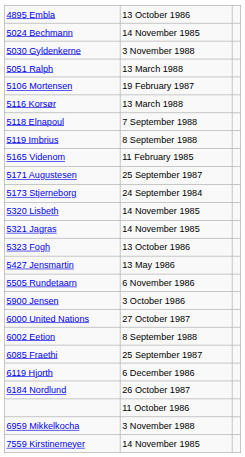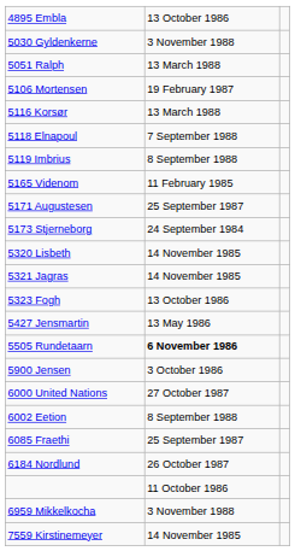 <table class="wikitable" style="font-size: 89%; float: left; width: 26em; margin-right: 1em; height: 700px;">
 <tr>
 <td><a href='#'>4895 Embla</a></td>
 <td>13 October 1986</td>
-<td></td>
-</tr>
-<tr>
-<td><a href='#'>5024 Bechmann</a></td>
-<td>14 November 1985</td>
 <td></td>
 </tr>
 <tr>
 <td><a href='#'>5030 Gyldenkerne</a></td>
 <td>3 November 1988</td>
 <td></td>
 </tr>
 <tr>
 <td><a href='#'>5051 Ralph</a></td>
 <td>13 March 1988</td>
 <td></td>
 </tr>
 <tr>
 <td><a href='#'>5106 Mortensen</a></td>
 <td>19 February 1987</td>
 <td></td>
 </tr>
 <tr>
 <td><a href='#'>5116 Korsør</a></td>
 <td>13 March 1988</td>
 <td></td>
 </tr>
 <tr>
 <td><a href='#'>5118 Elnapoul</a></td>
 <td>7 September 1988</td>
 <td></td>
 </tr>
 <tr>
 <td><a href='#'>5119 Imbrius</a></td>
 <td>8 September 1988</td>
 <td></td>
 </tr>
 <tr>
 <td><a href='#'>5165 Videnom</a></td>
 <td>11 February 1985</td>
 <td></td>
 </tr>
 <tr>
 <td><a href='#'>5171 Augustesen</a></td>
 <td>25 September 1987</td>
 <td></td>
 </tr>
 <tr>
 <td><a href='#'>5173 Stjerneborg</a></td>
 <td>24 September 1984</td>
 <td></td>
 </tr>
 <tr>
 <td><a href='#'>5320 Lisbeth</a></td>
 <td>14 November 1985</td>
 <td> </td>
 </tr>
 <tr>
 <td><a href='#'>5321 Jagras</a></td>
 <td>14 November 1985</td>
 <td> </td>
 </tr>
 <tr>
 <td><a href='#'>5323 Fogh</a></td>
 <td>13 October 1986</td>
 <td></td>
 </tr>
 <tr>
 <td><a href='#'>5427 Jensmartin</a></td>
 <td>13 May 1986</td>
 <td></td>
 </tr>
 <tr>
 <td><a href='#'>5505 Rundetaarn</a></td>
-<td>6 November 1986</td>
+<td><strong>6 November 1986</strong></td>
 <td></td>
 </tr>
 <tr>
 <td><a href='#'>5900 Jensen</a></td>
 <td>3 October 1986</td>
 <td></td>
 </tr>
 <tr>
 <td><a href='#'>6000 United Nations</a></td>
 <td>27 October 1987</td>
 <td></td>
 </tr>
 <tr>
 <td><a href='#'>6002 Eetion</a></td>
 <td>8 September 1988</td>
 <td></td>
 </tr>
 <tr>
 <td><a href='#'>6085 Fraethi</a></td>
 <td>25 September 1987</td>
 <td></td>
 </tr>
 <tr>
-<td><a href='#'>6119 Hjorth</a></td>
-<td>6 December 1986</td>
-<td></td>
-</tr>
-<tr>
 <td><a href='#'>6184 Nordlund</a></td>
 <td>26 October 1987</td>
 <td></td>
 </tr>
 <tr>
 <td></td>
 <td>11 October 1986</td>
 <td></td>
 </tr>
 <tr>
 <td><a href='#'>6959 Mikkelkocha</a></td>
 <td>3 November 1988</td>
 <td></td>
 </tr>
 <tr>
 <td><a href='#'>7559 Kirstinemeyer</a></td>
 <td>14 November 1985</td>
 <td></td>
 </tr>
 </table>
